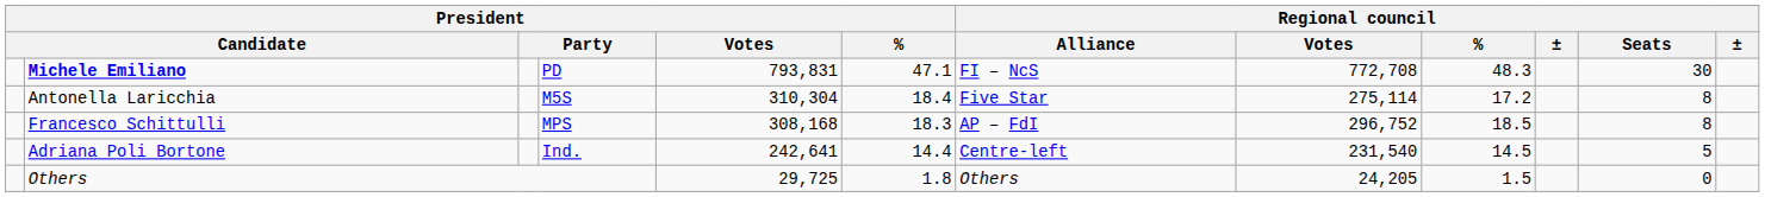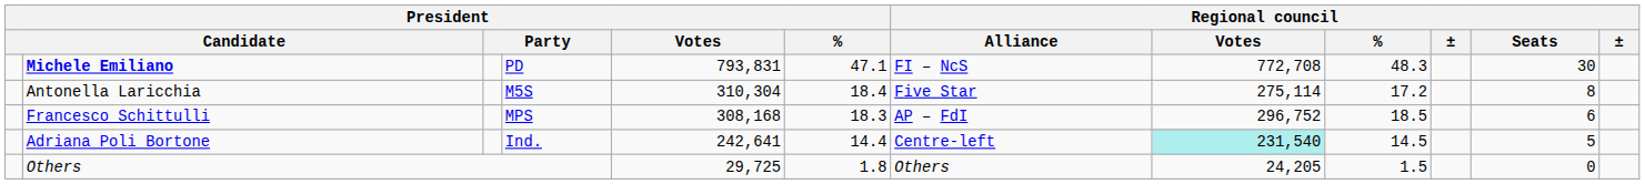 <table class="wikitable" style="text-align:right; style="width=70%">
 <tr>
 <th colspan="6">President</th>
 <th colspan="6">Regional council</th>
 </tr>
 <tr>
 <th colspan="2">Candidate</th>
 <th colspan="2">Party</th>
 <th>Votes</th>
 <th>%</th>
 <th>Alliance</th>
 <th>Votes</th>
 <th>%</th>
 <th>±</th>
 <th>Seats</th>
 <th>±</th>
 </tr>
 <tr>
 <td></td>
 <td style="text-align:left"><strong><a href='#'>Michele Emiliano</a></strong></td>
 <td></td>
 <td style="text-align:left"><a href='#'>PD</a></td>
 <td>793,831</td>
 <td>47.1</td>
 <td style="text-align:left"><a href='#'>FI</a> – <a href='#'>NcS</a></td>
 <td>772,708</td>
 <td>48.3</td>
 <td></td>
 <td>30</td>
 <td></td>
 </tr>
 <tr>
 <td></td>
 <td style="text-align:left">Antonella Laricchia</td>
 <td></td>
 <td style="text-align:left"><a href='#'>M5S</a></td>
 <td>310,304</td>
 <td>18.4</td>
 <td style="text-align:left"><a href='#'>Five Star</a></td>
 <td>275,114</td>
 <td>17.2</td>
 <td></td>
 <td>8</td>
 <td></td>
 </tr>
 <tr>
 <td></td>
 <td style="text-align:left"><a href='#'>Francesco Schittulli</a></td>
 <td></td>
 <td style="text-align:left"><a href='#'>MPS</a></td>
 <td>308,168</td>
 <td>18.3</td>
 <td style="text-align:left"><a href='#'>AP</a> – <a href='#'>FdI</a></td>
 <td>296,752</td>
 <td>18.5</td>
 <td></td>
-<td>8</td>
+<td>6</td>
 <td></td>
 </tr>
 <tr>
 <td></td>
 <td style="text-align:left"><a href='#'>Adriana Poli Bortone</a></td>
 <td></td>
 <td style="text-align:left"><a href='#'>Ind.</a></td>
 <td>242,641</td>
 <td>14.4</td>
 <td style="text-align:left"><a href='#'>Centre-left</a></td>
-<td>231,540</td>
+<td style="background: paleturquoise;">231,540</td>
 <td>14.5</td>
 <td></td>
 <td>5</td>
 <td></td>
 </tr>
 <tr>
 <td></td>
 <td colspan="3" style="text-align:left"><em>Others</em></td>
 <td>29,725</td>
 <td>1.8</td>
 <td style="text-align:left"><em>Others</em></td>
 <td>24,205</td>
 <td>1.5</td>
 <td></td>
 <td>0</td>
 <td></td>
 </tr>
 </table>
